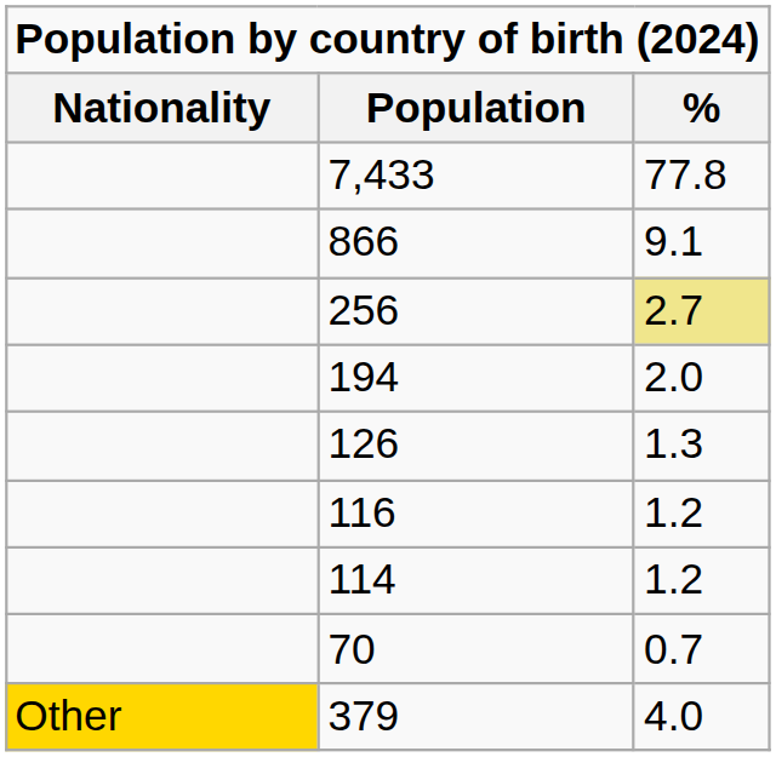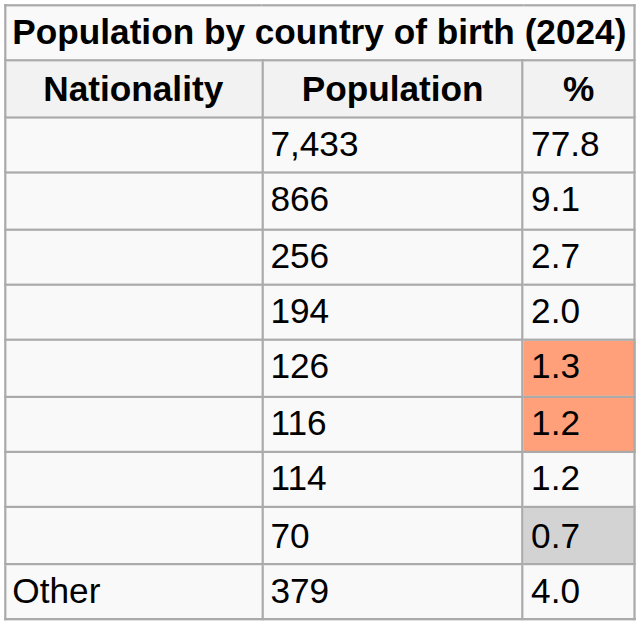 <table class="wikitable" style="float:right;">
 <tr>
 <td colspan="3"><strong>Population by country of birth (2024)</strong></td>
 </tr>
 <tr \>
 <th>Nationality</th>
 <th>Population</th>
 <th>%</th>
 </tr>
 <tr>
 <td></td>
 <td>7,433</td>
 <td>77.8</td>
 </tr>
 <tr>
 <td></td>
 <td>866</td>
 <td>9.1</td>
 </tr>
 <tr>
 <td></td>
 <td>256</td>
-<td style="background: khaki;">2.7</td>
+<td>2.7</td>
 </tr>
 <tr>
 <td></td>
 <td>194</td>
 <td>2.0</td>
 </tr>
 <tr>
 <td></td>
 <td>126</td>
-<td>1.3</td>
+<td style="background: lightsalmon;">1.3</td>
 </tr>
 <tr>
 <td></td>
 <td>116</td>
-<td>1.2</td>
+<td style="background: lightsalmon;">1.2</td>
 </tr>
 <tr>
 <td></td>
 <td>114</td>
 <td>1.2</td>
 </tr>
 <tr>
 <td></td>
 <td>70</td>
-<td>0.7</td>
+<td style="background: lightgrey;">0.7</td>
 </tr>
 <tr>
-<td style="background: gold;">Other</td>
+<td>Other</td>
 <td>379</td>
 <td>4.0</td>
 </tr>
 <tr>
 </tr>
 </table>
